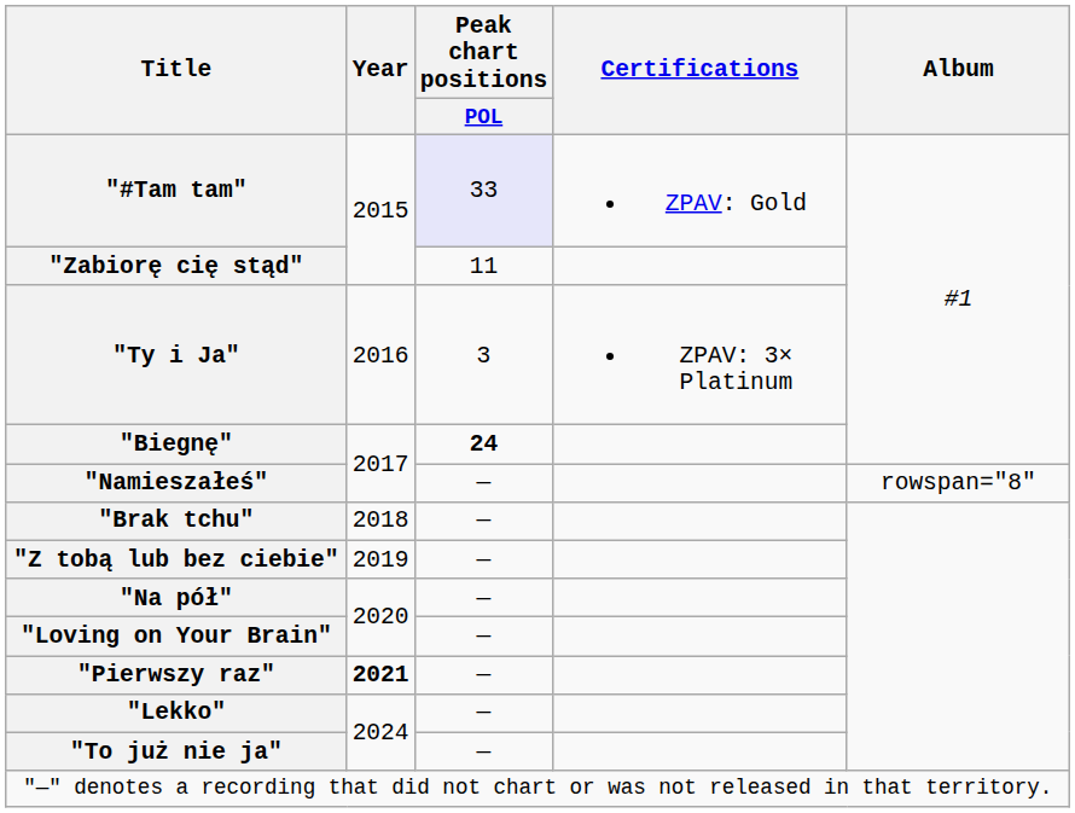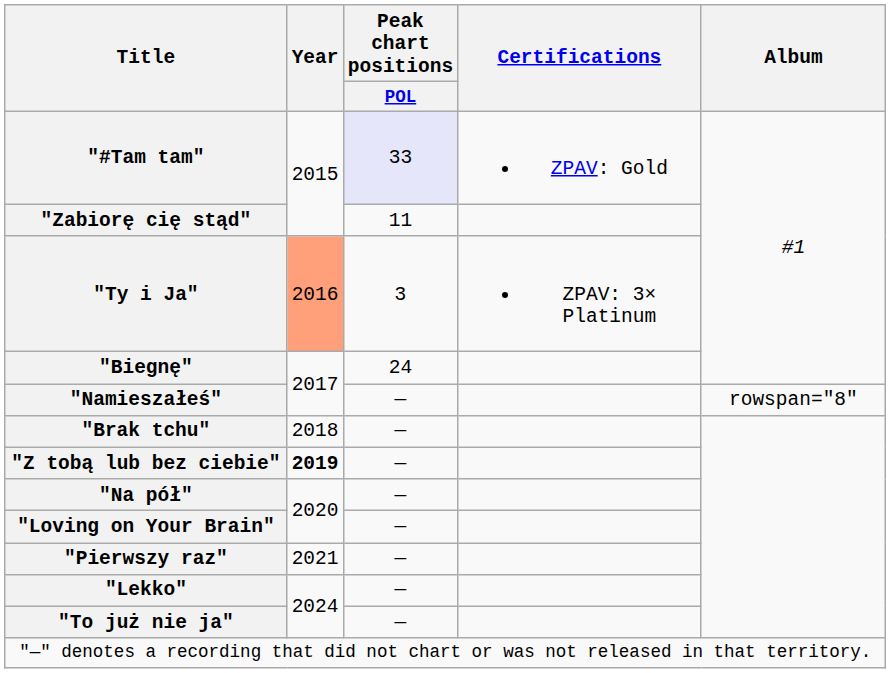 <table class="wikitable plainrowheaders" style="text-align:center;">
 <tr>
 <th scope="col" rowspan="2" style="width:14em;">Title</th>
 <th scope="col" rowspan="2">Year</th>
 <th>Peak chart positions</th>
 <th scope="col" rowspan="2" style="width:12em;"><a href='#'>Certifications</a></th>
 <th scope="col" rowspan="2" style="width:9em;">Album</th>
 </tr>
 <tr>
 <th style="width:3em;font-size:90%"><a href='#'>POL</a><br></th>
 </tr>
 <tr>
 <th scope="row">"#Tam tam"</th>
 <td rowspan="2">2015</td>
 <td style="background: lavender;">33</td>
 <td><br><ul><li><a href='#'>ZPAV</a>: Gold</li></ul></td>
 <td rowspan="4"><em>#1</em></td>
 </tr>
 <tr>
 <th scope="row">"Zabiorę cię stąd"</th>
 <td>11</td>
 <td></td>
 </tr>
 <tr>
 <th scope="row">"Ty i Ja"</th>
-<td>2016</td>
+<td style="background: lightsalmon;">2016</td>
 <td>3</td>
 <td><br><ul><li>ZPAV: 3× Platinum</li></ul></td>
 </tr>
 <tr>
 <th scope="row">"Biegnę"<br></th>
 <td rowspan="2">2017</td>
-<td><strong>24</strong></td>
+<td>24</td>
 <td></td>
 </tr>
 <tr>
 <th scope="row">"Namieszałeś"</th>
 <td>—</td>
 <td></td>
 <td>rowspan="8" </td>
 </tr>
 <tr>
 <th scope="row">"Brak tchu"</th>
 <td>2018</td>
 <td>—</td>
 <td></td>
 </tr>
 <tr>
 <th scope="row">"Z tobą lub bez ciebie"</th>
-<td>2019</td>
+<td><strong>2019</strong></td>
 <td>—</td>
 <td></td>
 </tr>
 <tr>
 <th scope="row">"Na pół"</th>
 <td rowspan="2">2020</td>
 <td>—</td>
 <td></td>
 </tr>
 <tr>
 <th scope="row">"Loving on Your Brain"</th>
 <td>—</td>
 <td></td>
 </tr>
 <tr>
 <th scope="row">"Pierwszy raz"</th>
-<td><strong>2021</strong></td>
+<td>2021</td>
 <td>—</td>
 <td></td>
 </tr>
 <tr>
 <th scope="row">"Lekko"</th>
 <td rowspan="2">2024</td>
 <td>—</td>
 <td></td>
 </tr>
 <tr>
 <th scope="row">"To już nie ja"</th>
 <td>—</td>
 <td></td>
 </tr>
 <tr>
 <td colspan="5" style="font-size:90%">"—" denotes a recording that did not chart or was not released in that territory.</td>
 </tr>
 </table>
